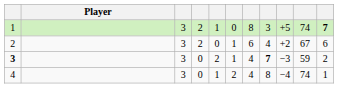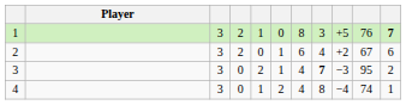 <table class="wikitable" style="text-align:center; margin: 1em auto 1em auto, align:left">
 <tr>
 <th width=20></th>
 <th width=240>Player</th>
 <th width=20></th>
 <th width=20></th>
 <th width=20></th>
 <th width=20></th>
 <th width=20></th>
 <th width=20></th>
 <th width=20></th>
 <th width=30></th>
 <th width=20></th>
 </tr>
 <tr style="background:#D0F0C0;">
 <td>1</td>
 <td align=left></td>
 <td>3</td>
 <td>2</td>
 <td>1</td>
 <td>0</td>
 <td>8</td>
 <td>3</td>
 <td>+5</td>
-<td>74</td>
+<td>76</td>
 <td><strong>7</strong></td>
 </tr>
 <tr style=>
 <td>2</td>
 <td align=left></td>
 <td>3</td>
 <td>2</td>
 <td>0</td>
 <td>1</td>
 <td>6</td>
 <td>4</td>
 <td>+2</td>
 <td>67</td>
 <td>6</td>
 </tr>
 <tr style=>
-<td><strong>3</strong></td>
+<td>3</td>
 <td align=left></td>
 <td>3</td>
 <td>0</td>
 <td>2</td>
 <td>1</td>
 <td>4</td>
 <td><strong>7</strong></td>
 <td>−3</td>
-<td>59</td>
+<td>95</td>
 <td>2</td>
 </tr>
 <tr style=>
 <td>4</td>
 <td align=left></td>
 <td>3</td>
 <td>0</td>
 <td>1</td>
 <td>2</td>
 <td>4</td>
 <td>8</td>
 <td>−4</td>
 <td>74</td>
 <td>1</td>
 </tr>
 </table>
